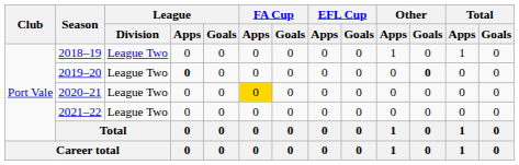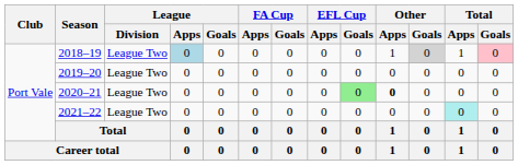 <table class="wikitable" style="text-align:center">
 <tr>
 <th rowspan="2">Club</th>
 <th rowspan="2">Season</th>
 <th colspan="3">League</th>
 <th colspan="2"><a href='#'>FA Cup</a></th>
 <th colspan="2"><a href='#'>EFL Cup</a></th>
 <th colspan="2">Other</th>
 <th colspan="2">Total</th>
 </tr>
 <tr>
 <th>Division</th>
 <th>Apps</th>
 <th>Goals</th>
 <th>Apps</th>
 <th>Goals</th>
 <th>Apps</th>
 <th>Goals</th>
 <th>Apps</th>
 <th>Goals</th>
 <th>Apps</th>
 <th>Goals</th>
 </tr>
 <tr>
 <td rowspan="5"><a href='#'>Port Vale</a></td>
 <td><a href='#'>2018–19</a></td>
 <td><a href='#'>League Two</a></td>
+<td style="background: lightblue;">0</td>
+<td>0</td>
+<td>0</td>
+<td>0</td>
+<td>0</td>
+<td>0</td>
+<td>1</td>
+<td style="background: lightgrey;">0</td>
+<td>1</td>
+<td style="background: pink;">0</td>
+</tr>
+<tr>
+<td><a href='#'>2019–20</a></td>
+<td>League Two</td>
 <td>0</td>
 <td>0</td>
 <td>0</td>
 <td>0</td>
 <td>0</td>
 <td>0</td>
-<td>1</td>
-<td>0</td>
-<td>1</td>
-<td>0</td>
-</tr>
-<tr>
-<td><a href='#'>2019–20</a></td>
-<td>League Two</td>
-<td><strong>0</strong></td>
 <td>0</td>
 <td>0</td>
-<td>0</td>
-<td>0</td>
-<td>0</td>
-<td>0</td>
-<td><strong>0</strong></td>
 <td>0</td>
 <td>0</td>
 </tr>
 <tr>
 <td><a href='#'>2020–21</a></td>
 <td>League Two</td>
 <td>0</td>
 <td>0</td>
-<td style="background: gold;">0</td>
 <td>0</td>
 <td>0</td>
 <td>0</td>
-<td>0</td>
+<td style="background: lightgreen;">0</td>
+<td><strong>0</strong></td>
 <td>0</td>
 <td>0</td>
 <td>0</td>
 </tr>
 <tr>
 <td><a href='#'>2021–22</a></td>
 <td>League Two</td>
 <td>0</td>
 <td>0</td>
 <td>0</td>
 <td>0</td>
 <td>0</td>
 <td>0</td>
 <td>0</td>
 <td>0</td>
-<td>0</td>
+<td style="background: paleturquoise;">0</td>
 <td>0</td>
 </tr>
 <tr>
 <th colspan="2">Total</th>
 <th>0</th>
 <th>0</th>
 <th>0</th>
 <th>0</th>
 <th>0</th>
 <th>0</th>
 <th>1</th>
 <th>0</th>
 <th>1</th>
 <th>0</th>
 </tr>
 <tr>
 <th colspan="3">Career total</th>
 <th>0</th>
 <th>0</th>
 <th>0</th>
 <th>0</th>
 <th>0</th>
 <th>0</th>
 <th>1</th>
 <th>0</th>
 <th>1</th>
 <th>0</th>
 </tr>
 </table>
